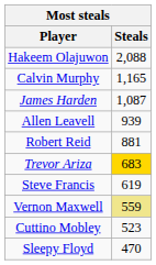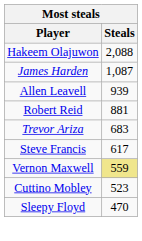 <table class="wikitable sortable" style="text-align:center">
 <tr>
 <th colspan="2" style="text-align:center; ">Most steals</th>
 </tr>
 <tr>
 <th style="text-align:center; ">Player</th>
 <th style="text-align:center; ">Steals</th>
 </tr>
 <tr>
 <td><a href='#'>Hakeem Olajuwon</a></td>
 <td>2,088</td>
-</tr>
-<tr>
-<td><a href='#'>Calvin Murphy</a></td>
-<td>1,165</td>
 </tr>
 <tr>
 <td><em><a href='#'>James Harden</a></em></td>
 <td>1,087</td>
 </tr>
 <tr>
 <td><a href='#'>Allen Leavell</a></td>
 <td>939</td>
 </tr>
 <tr>
 <td><a href='#'>Robert Reid</a></td>
 <td>881</td>
 </tr>
 <tr>
 <td><em><a href='#'>Trevor Ariza</a></em></td>
-<td style="background: gold;">683</td>
+<td>683</td>
 </tr>
 <tr>
 <td><a href='#'>Steve Francis</a></td>
-<td>619</td>
+<td>617</td>
 </tr>
 <tr>
 <td><a href='#'>Vernon Maxwell</a></td>
 <td style="background: khaki;">559</td>
 </tr>
 <tr>
 <td><a href='#'>Cuttino Mobley</a></td>
 <td>523</td>
 </tr>
 <tr>
 <td><a href='#'>Sleepy Floyd</a></td>
 <td>470</td>
 </tr>
 </table>
